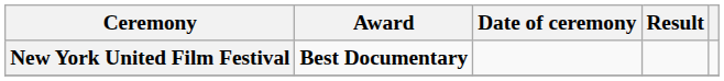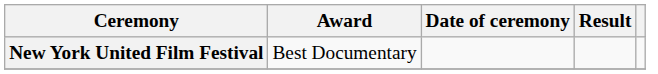 <table class="wikitable plainrowheaders sortable" style="font-size: 90%;">
 <tr>
 <th scope="col">Ceremony</th>
 <th scope="col">Award</th>
 <th scope="col">Date of ceremony</th>
 <th scope="col">Result</th>
 <th scope="col" class="unsortable"></th>
 </tr>
 <tr>
 <th scope="row" rowspan="1">New York United Film Festival</th>
-<td><strong>Best Documentary</strong></td>
+<td>Best Documentary</td>
 <td rowspan="1"></td>
 <td></td>
 <td rowspan="1" style="text-align:center;"></td>
 </tr>
 <tr>
 </tr>
 </table>
